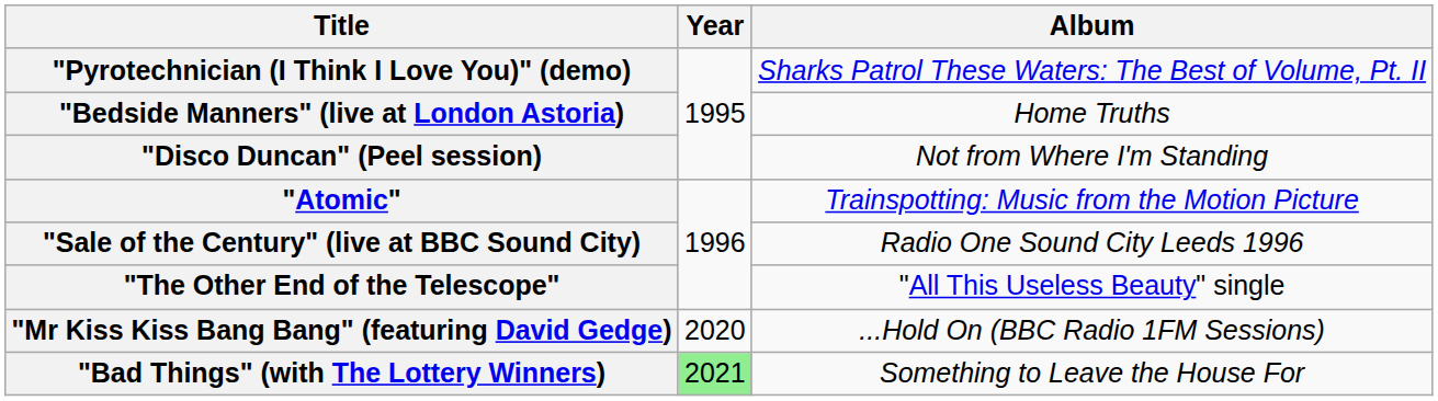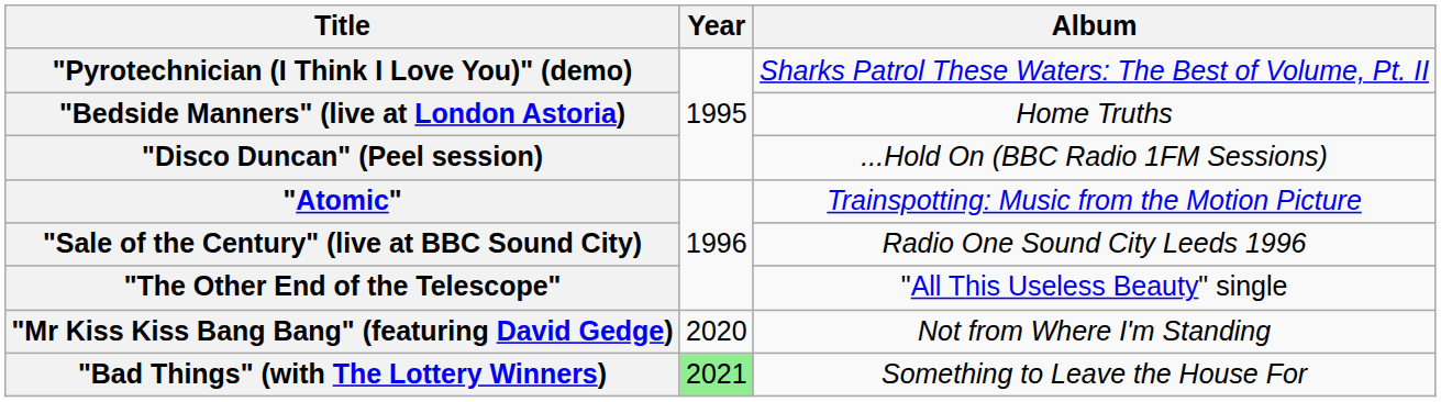 <table class="wikitable plainrowheaders" style="text-align:center;">
 <tr>
 <th scope="col">Title</th>
 <th scope="col">Year</th>
 <th scope="col">Album</th>
 </tr>
 <tr>
 <th scope="row">"Pyrotechnician (I Think I Love You)" (demo)</th>
 <td rowspan="3">1995</td>
 <td><em><a href='#'>Sharks Patrol These Waters: The Best of Volume, Pt. II</a></em></td>
 </tr>
 <tr>
 <th scope="row">"Bedside Manners" (live at <a href='#'>London Astoria</a>)</th>
 <td><em>Home Truths</em></td>
 </tr>
 <tr>
 <th scope="row">"Disco Duncan" (Peel session)</th>
-<td><em>Not from Where I'm Standing</em></td>
+<td><em>...Hold On (BBC Radio 1FM Sessions)</em></td>
 </tr>
 <tr>
 <th scope="row">"<a href='#'>Atomic</a>"</th>
 <td rowspan="3">1996</td>
 <td><em><a href='#'>Trainspotting: Music from the Motion Picture</a></em></td>
 </tr>
 <tr>
 <th scope="row">"Sale of the Century" (live at BBC Sound City)</th>
 <td><em>Radio One Sound City Leeds 1996</em></td>
 </tr>
 <tr>
 <th scope="row">"The Other End of the Telescope"</th>
 <td>"<a href='#'>All This Useless Beauty</a>" single</td>
 </tr>
 <tr>
 <th scope="row">"Mr Kiss Kiss Bang Bang" (featuring <a href='#'>David Gedge</a>)</th>
 <td>2020</td>
-<td><em>...Hold On (BBC Radio 1FM Sessions)</em></td>
+<td><em>Not from Where I'm Standing</em></td>
 </tr>
 <tr>
 <th scope="row">"Bad Things" (with <a href='#'>The Lottery Winners</a>)</th>
 <td style="background: lightgreen;">2021</td>
 <td><em>Something to Leave the House For</em></td>
 </tr>
 </table>
